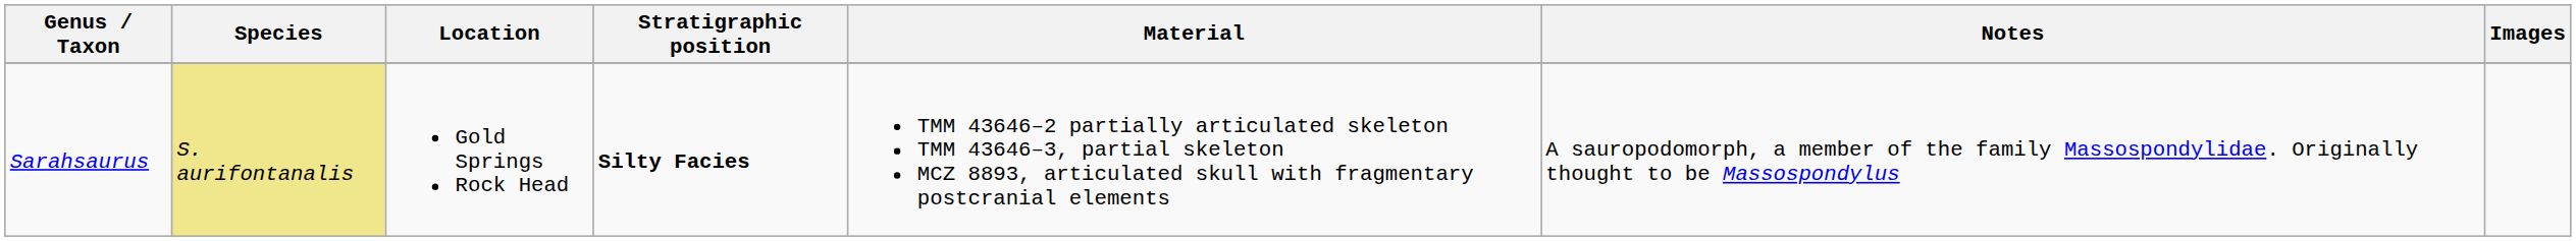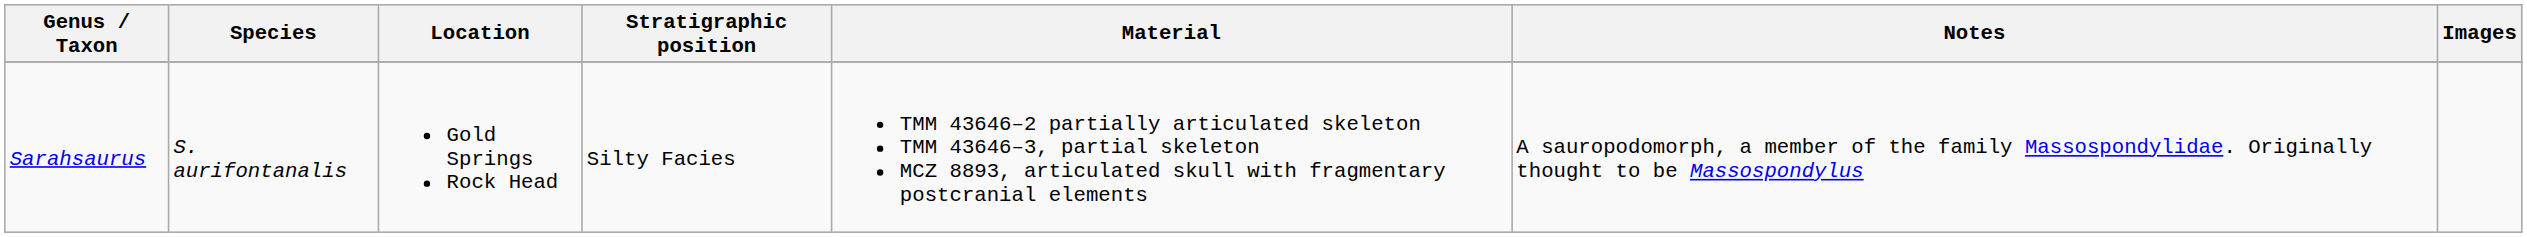 <table class="wikitable" align="center" width="100%">
 <tr>
 <th>Genus / Taxon</th>
 <th>Species</th>
 <th>Location</th>
 <th>Stratigraphic position</th>
 <th>Material</th>
 <th>Notes</th>
 <th>Images</th>
 </tr>
 <tr>
 </tr>
 <tr>
 <td><br><em><a href='#'>Sarahsaurus</a></em></td>
-<td style="background: khaki;"><br><em>S. aurifontanalis</em></td>
+<td><br><em>S. aurifontanalis</em></td>
 <td><br><ul><li>Gold Springs</li><li>Rock Head</li></ul></td>
-<td><strong><br>Silty Facies</strong></td>
+<td><br>Silty Facies</td>
 <td><br><ul><li>TMM 43646–2 partially articulated skeleton</li><li>TMM 43646–3, partial skeleton</li><li>MCZ 8893, articulated skull with fragmentary postcranial elements</li></ul></td>
 <td><br>A sauropodomorph, a member of the family <a href='#'>Massospondylidae</a>. Originally thought to be <em><a href='#'>Massospondylus</a></em></td>
 <td><br></td>
 </tr>
 </table>
